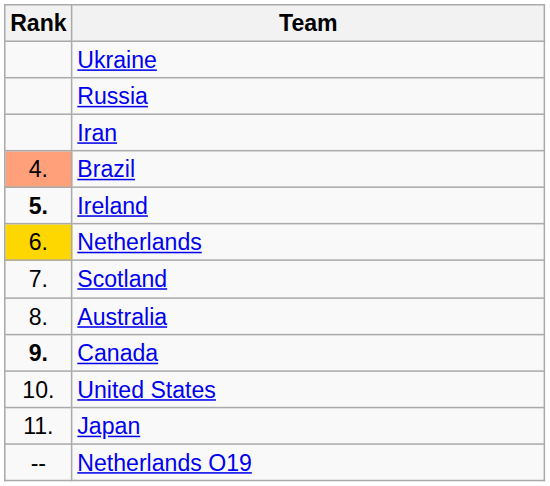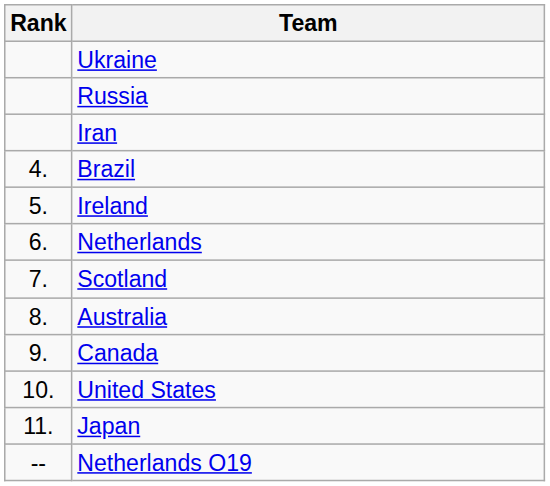 <table class="wikitable" style="font-size:95%">
 <tr>
 <th>Rank</th>
 <th align="left" style="width: 20em">Team</th>
 </tr>
 <tr>
 <td align="center"></td>
 <td> <a href='#'>Ukraine</a></td>
 </tr>
 <tr>
 <td align="center"></td>
 <td> <a href='#'>Russia</a></td>
 </tr>
 <tr>
 <td align="center"></td>
 <td> <a href='#'>Iran</a></td>
 </tr>
 <tr>
-<td rowspan=1 align="center" style="background: lightsalmon;">4.</td>
+<td rowspan=1 align="center">4.</td>
 <td> <a href='#'>Brazil</a></td>
 </tr>
 <tr>
-<td rowspan=1 align="center"><strong>5.</strong></td>
+<td rowspan=1 align="center">5.</td>
 <td> <a href='#'>Ireland</a></td>
 </tr>
 <tr>
-<td rowspan=1 align="center" style="background: gold;">6.</td>
+<td rowspan=1 align="center">6.</td>
 <td> <a href='#'>Netherlands</a></td>
 </tr>
 <tr>
 <td rowspan=1 align="center">7.</td>
 <td> <a href='#'>Scotland</a></td>
 </tr>
 <tr>
 <td rowspan=1 align="center">8.</td>
 <td> <a href='#'>Australia</a></td>
 </tr>
 <tr>
-<td rowspan=1 align="center"><strong>9.</strong></td>
+<td rowspan=1 align="center">9.</td>
 <td> <a href='#'>Canada</a></td>
 </tr>
 <tr>
 <td rowspan=1 align="center">10.</td>
 <td> <a href='#'>United States</a></td>
 </tr>
 <tr>
 <td rowspan=1 align="center">11.</td>
 <td> <a href='#'>Japan</a></td>
 </tr>
 <tr>
 <td rowspan=1 align="center">--</td>
 <td> <a href='#'>Netherlands O19</a></td>
 </tr>
 </table>
